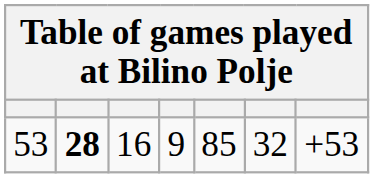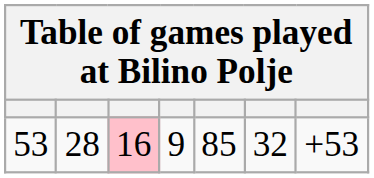 <table class="wikitable sortable" width=5% style="text-align: center;">
 <tr>
 <th colspan="8"><strong>Table of games played at Bilino Polje</strong></th>
 </tr>
 <tr>
 <th width=5></th>
 <th width=5></th>
 <th width=5></th>
 <th width=5></th>
 <th width=5></th>
 <th width=5></th>
 <th width=5></th>
 </tr>
 <tr>
 <td>53</td>
-<td><strong>28</strong></td>
-<td>16</td>
+<td>28</td>
+<td style="background: pink;">16</td>
 <td>9</td>
 <td>85</td>
 <td>32</td>
 <td>+53</td>
 </tr>
 </table>
